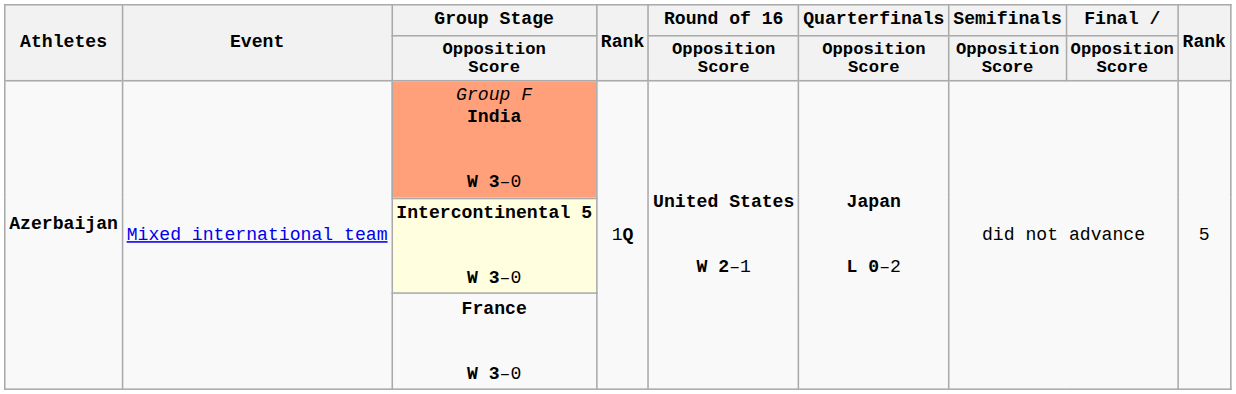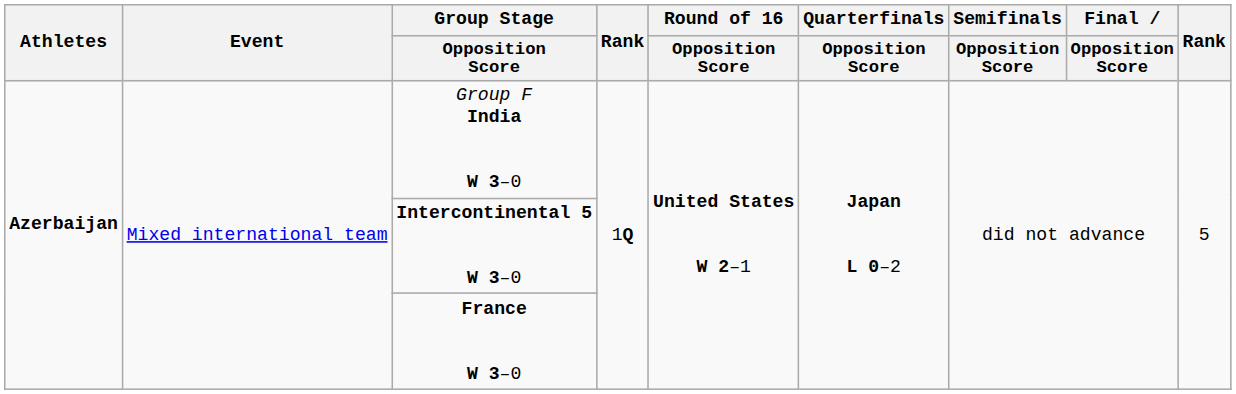 <table class=wikitable style="font-size:90%">
 <tr>
 <th rowspan="2">Athletes</th>
 <th rowspan="2">Event</th>
 <th>Group Stage</th>
 <th rowspan="2">Rank</th>
 <th>Round of 16</th>
 <th>Quarterfinals</th>
 <th>Semifinals</th>
 <th>Final / </th>
 <th rowspan=2>Rank</th>
 </tr>
 <tr style="font-size:95%">
 <th>Opposition<br>Score</th>
 <th>Opposition<br>Score</th>
 <th>Opposition<br>Score</th>
 <th>Opposition<br>Score</th>
 <th>Opposition<br>Score</th>
 </tr>
 <tr align=center>
 <td align=left rowspan=3><strong>Azerbaijan</strong><br><br></td>
 <td align=left rowspan=3><a href='#'>Mixed international team</a></td>
-<td style="background: lightsalmon;"><em>Group F</em><br><strong>India</strong><br><br> <br><strong>W</strong> <strong>3</strong>–0</td>
+<td><em>Group F</em><br><strong>India</strong><br><br> <br><strong>W</strong> <strong>3</strong>–0</td>
 <td rowspan=3>1<strong>Q</strong></td>
 <td rowspan=3><strong>United States</strong><br><br><br><strong>W</strong> <strong>2</strong>–1</td>
 <td rowspan=3><strong>Japan</strong><br><br><br><strong>L</strong> <strong>0</strong>–2</td>
 <td rowspan=3 colspan=2>did not advance</td>
 <td rowspan=3>5</td>
 </tr>
 <tr align=center>
-<td style="background: lightyellow;"><strong>Intercontinental 5</strong><br><br> <br><strong>W</strong> <strong>3</strong>–0</td>
+<td><strong>Intercontinental 5</strong><br><br> <br><strong>W</strong> <strong>3</strong>–0</td>
 </tr>
 <tr align=center>
 <td><strong>France</strong><br><br> <br><strong>W</strong> <strong>3</strong>–0</td>
 </tr>
 </table>
